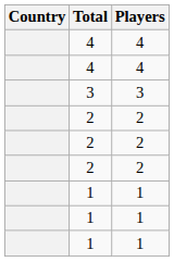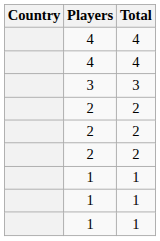 <table class="sortable plainrowheaders wikitable">
 <tr>
 <th scope="col">Country</th>
+<th scope="col">Players</th>
 <th scope="col">Total</th>
-<th scope="col">Players</th>
 </tr>
 <tr>
 <th scope="row"></th>
 <td style="text-align: center">4</td>
 <td style="text-align: center">4</td>
 </tr>
 <tr>
 <th scope="row"></th>
 <td style="text-align: center">4</td>
 <td style="text-align: center">4</td>
 </tr>
 <tr>
 <th scope="row"></th>
 <td style="text-align: center">3</td>
 <td style="text-align: center">3</td>
 </tr>
 <tr>
 <th scope="row"></th>
 <td style="text-align: center">2</td>
 <td style="text-align: center">2</td>
 </tr>
 <tr>
 <th scope="row"></th>
 <td style="text-align: center">2</td>
 <td style="text-align: center">2</td>
 </tr>
 <tr>
 <th scope="row"></th>
 <td style="text-align: center">2</td>
 <td style="text-align: center">2</td>
 </tr>
 <tr>
 <th scope="row"></th>
 <td style="text-align: center">1</td>
 <td style="text-align: center">1</td>
 </tr>
 <tr>
 <th scope="row"></th>
 <td style="text-align: center">1</td>
 <td style="text-align: center">1</td>
 </tr>
 <tr>
 <th scope="row"></th>
 <td style="text-align: center">1</td>
 <td style="text-align: center">1</td>
 </tr>
 </table>
